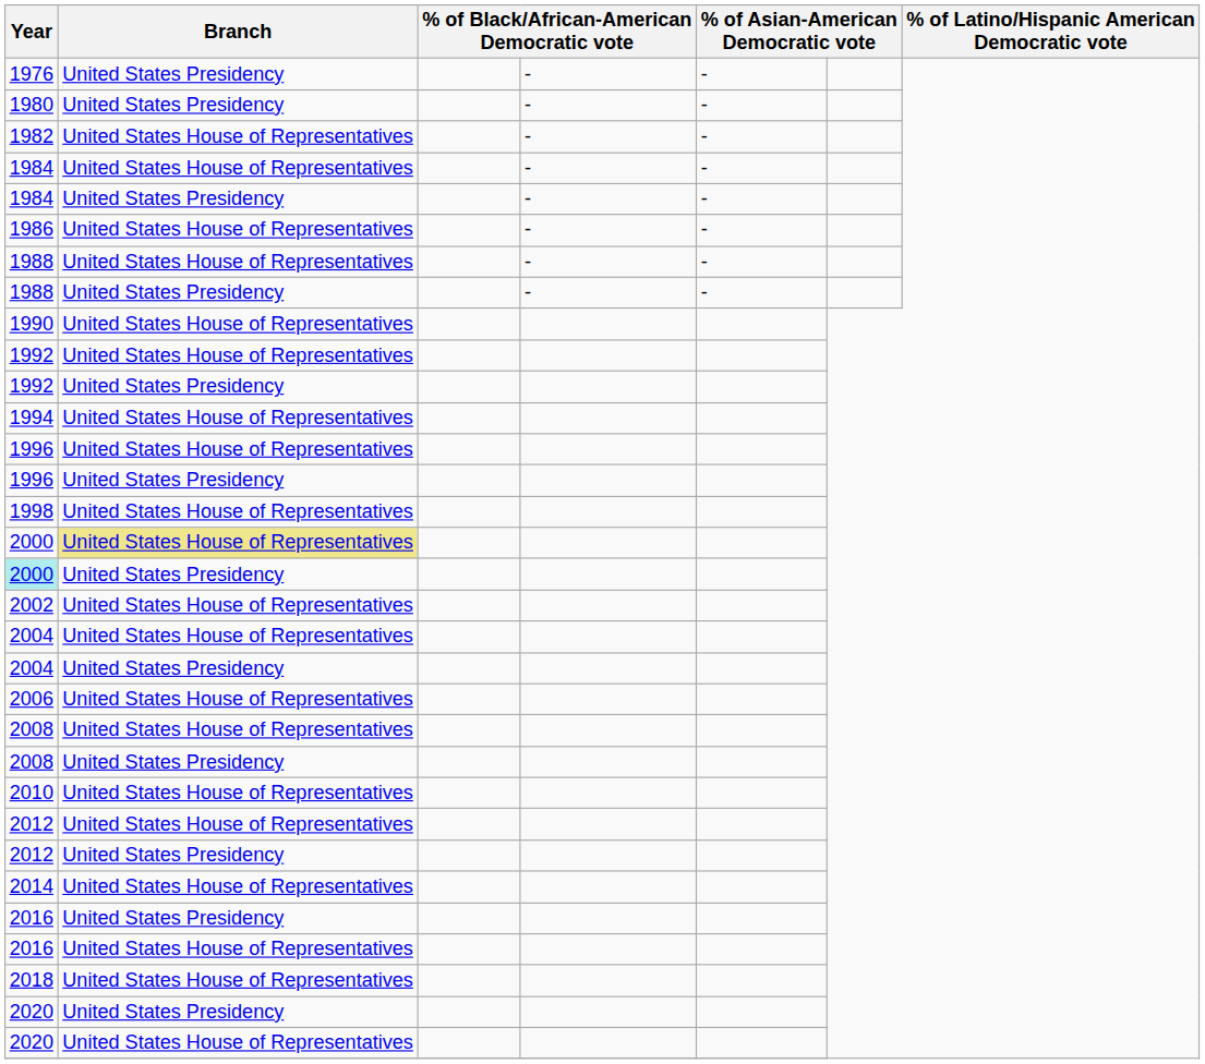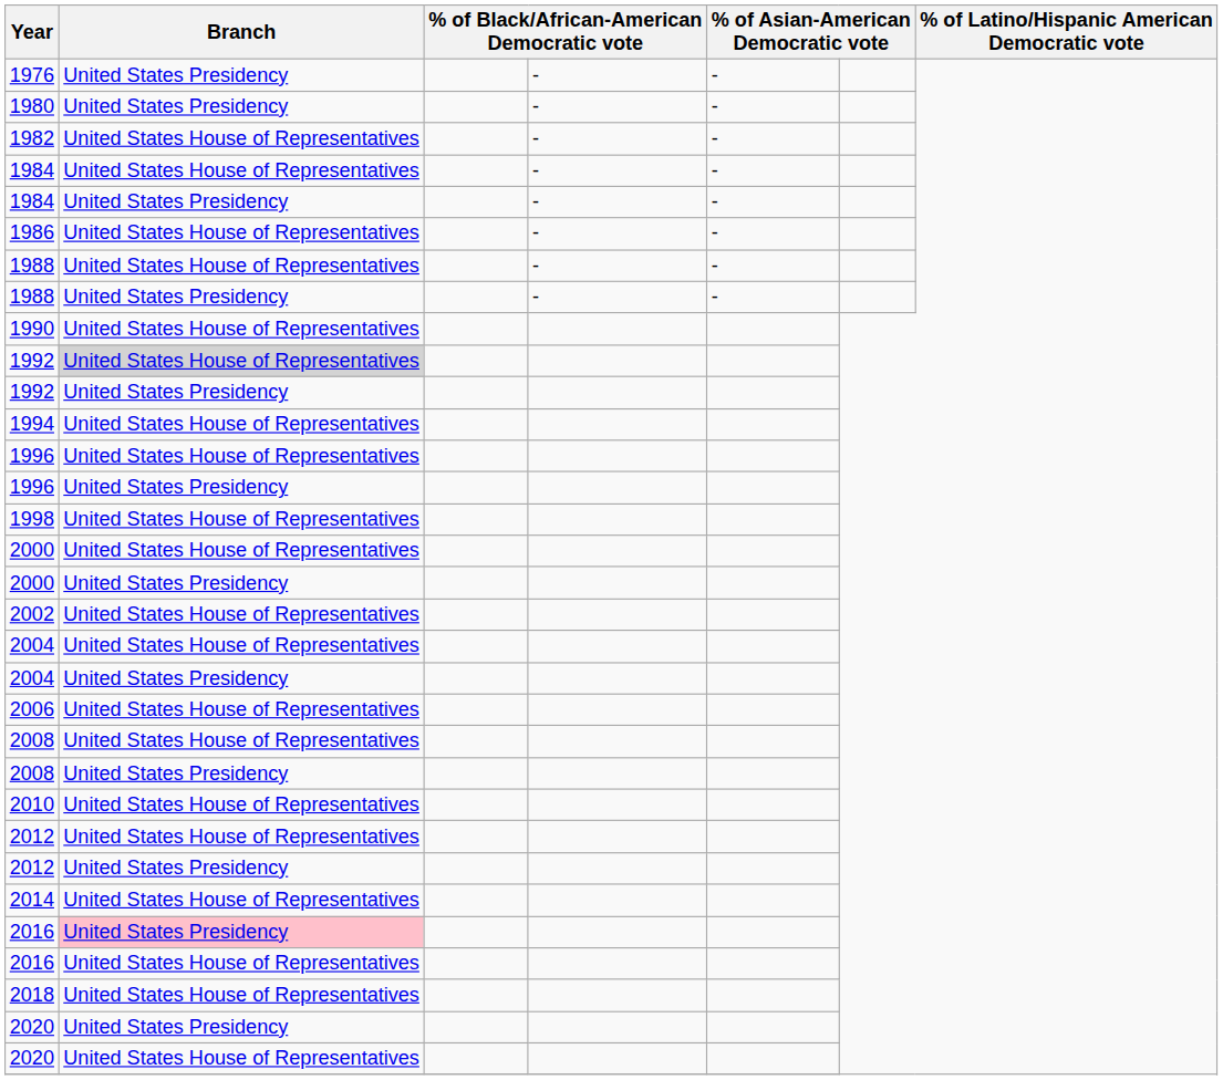 <table class="wikitable sortable collapsible">
 <tr>
 <th>Year</th>
 <th>Branch</th>
 <th colspan="2">% of Black/African-American<br>Democratic vote</th>
 <th colspan="2">% of Asian-American<br>Democratic vote</th>
 <th colspan="2">% of Latino/Hispanic American<br>Democratic vote</th>
 </tr>
 <tr>
 <td><a href='#'>1976</a></td>
 <td><a href='#'>United States Presidency</a></td>
 <td align=right></td>
 <td>-</td>
 <td>-</td>
 <td align=right></td>
 </tr>
 <tr>
 <td><a href='#'>1980</a></td>
 <td><a href='#'>United States Presidency</a></td>
 <td align=right></td>
 <td>-</td>
 <td>-</td>
 <td align=right></td>
 </tr>
 <tr>
 <td><a href='#'>1982</a></td>
 <td><a href='#'>United States House of Representatives</a></td>
 <td align=right></td>
 <td>-</td>
 <td>-</td>
 <td align=right></td>
 </tr>
 <tr>
 <td><a href='#'>1984</a></td>
 <td><a href='#'>United States House of Representatives</a></td>
 <td align=right></td>
 <td>-</td>
 <td>-</td>
 <td align=right></td>
 </tr>
 <tr>
 <td><a href='#'>1984</a></td>
 <td><a href='#'>United States Presidency</a></td>
 <td align=right></td>
 <td>-</td>
 <td>-</td>
 <td align=right></td>
 </tr>
 <tr>
 <td><a href='#'>1986</a></td>
 <td><a href='#'>United States House of Representatives</a></td>
 <td align=right></td>
 <td>-</td>
 <td>-</td>
 <td align=right></td>
 </tr>
 <tr>
 <td><a href='#'>1988</a></td>
 <td><a href='#'>United States House of Representatives</a></td>
 <td align=right></td>
 <td>-</td>
 <td>-</td>
 <td align=right></td>
 </tr>
 <tr>
 <td><a href='#'>1988</a></td>
 <td><a href='#'>United States Presidency</a></td>
 <td align=right></td>
 <td>-</td>
 <td>-</td>
 <td align=right></td>
 </tr>
 <tr>
 <td><a href='#'>1990</a></td>
 <td><a href='#'>United States House of Representatives</a></td>
 <td align=right></td>
 <td align=right></td>
 <td align=right></td>
 </tr>
 <tr>
 <td><a href='#'>1992</a></td>
-<td><a href='#'>United States House of Representatives</a></td>
+<td style="background: lightgrey;"><a href='#'>United States House of Representatives</a></td>
 <td align=right></td>
 <td align=right></td>
 <td align=right></td>
 </tr>
 <tr>
 <td><a href='#'>1992</a></td>
 <td><a href='#'>United States Presidency</a></td>
 <td align=right></td>
 <td align=right></td>
 <td align=right></td>
 </tr>
 <tr>
 <td><a href='#'>1994</a></td>
 <td><a href='#'>United States House of Representatives</a></td>
 <td align=right></td>
 <td align=right></td>
 <td align=right></td>
 </tr>
 <tr>
 <td><a href='#'>1996</a></td>
 <td><a href='#'>United States House of Representatives</a></td>
 <td align=right></td>
 <td align=right></td>
 <td align=right></td>
 </tr>
 <tr>
 <td><a href='#'>1996</a></td>
 <td><a href='#'>United States Presidency</a></td>
 <td align=right></td>
 <td align=right></td>
 <td align=right></td>
 </tr>
 <tr>
 <td><a href='#'>1998</a></td>
 <td><a href='#'>United States House of Representatives</a></td>
 <td align=right></td>
 <td align=right></td>
 <td align=right></td>
 </tr>
 <tr>
 <td><a href='#'>2000</a></td>
-<td style="background: khaki;"><a href='#'>United States House of Representatives</a></td>
+<td><a href='#'>United States House of Representatives</a></td>
 <td align=right></td>
 <td align=right></td>
 <td align=right></td>
 </tr>
 <tr>
-<td style="background: paleturquoise;"><a href='#'>2000</a></td>
+<td><a href='#'>2000</a></td>
 <td><a href='#'>United States Presidency</a></td>
 <td align=right></td>
 <td align=right></td>
 <td align=right></td>
 </tr>
 <tr>
 <td><a href='#'>2002</a></td>
 <td><a href='#'>United States House of Representatives</a></td>
 <td align=right></td>
 <td align=right></td>
 <td align=right></td>
 </tr>
 <tr>
 <td><a href='#'>2004</a></td>
 <td><a href='#'>United States House of Representatives</a></td>
 <td align=right></td>
 <td align=right></td>
 <td align=right></td>
 </tr>
 <tr>
 <td><a href='#'>2004</a></td>
 <td><a href='#'>United States Presidency</a></td>
 <td align=right></td>
 <td align=right></td>
 <td align=right></td>
 </tr>
 <tr>
 <td><a href='#'>2006</a></td>
 <td><a href='#'>United States House of Representatives</a></td>
 <td align=right></td>
 <td align=right></td>
 <td align=right></td>
 </tr>
 <tr>
 <td><a href='#'>2008</a></td>
 <td><a href='#'>United States House of Representatives</a></td>
 <td align=right></td>
 <td align=right></td>
 <td align=right></td>
 </tr>
 <tr>
 <td><a href='#'>2008</a></td>
 <td><a href='#'>United States Presidency</a></td>
 <td align=right></td>
 <td align=right></td>
 <td align=right></td>
 </tr>
 <tr>
 <td><a href='#'>2010</a></td>
 <td><a href='#'>United States House of Representatives</a></td>
 <td align=right></td>
 <td align=right></td>
 <td align=right></td>
 </tr>
 <tr>
 <td><a href='#'>2012</a></td>
 <td><a href='#'>United States House of Representatives</a></td>
 <td align=right></td>
 <td align=right></td>
 <td align=right></td>
 </tr>
 <tr>
 <td><a href='#'>2012</a></td>
 <td><a href='#'>United States Presidency</a></td>
 <td align=right></td>
 <td align=right></td>
 <td align=right></td>
 </tr>
 <tr>
 <td><a href='#'>2014</a></td>
 <td><a href='#'>United States House of Representatives</a></td>
 <td align=right></td>
 <td align=right></td>
 <td align=right></td>
 </tr>
 <tr>
 <td><a href='#'>2016</a></td>
-<td><a href='#'>United States Presidency</a></td>
+<td style="background: pink;"><a href='#'>United States Presidency</a></td>
 <td align=right></td>
 <td align=right></td>
 <td align=right></td>
 </tr>
 <tr>
 <td><a href='#'>2016</a></td>
 <td><a href='#'>United States House of Representatives</a></td>
 <td align=right></td>
 <td align=right></td>
 <td align=right></td>
 </tr>
 <tr>
 <td><a href='#'>2018</a></td>
 <td><a href='#'>United States House of Representatives</a></td>
 <td align=right></td>
 <td align=right></td>
 <td align=right></td>
 </tr>
 <tr>
 <td><a href='#'>2020</a></td>
 <td><a href='#'>United States Presidency</a></td>
 <td align=right></td>
 <td align=right></td>
 <td align=right></td>
 </tr>
 <tr>
 <td><a href='#'>2020</a></td>
 <td><a href='#'>United States House of Representatives</a></td>
 <td align=right></td>
 <td align=right></td>
 <td align=right></td>
 </tr>
 <tr>
 </tr>
 </table>
